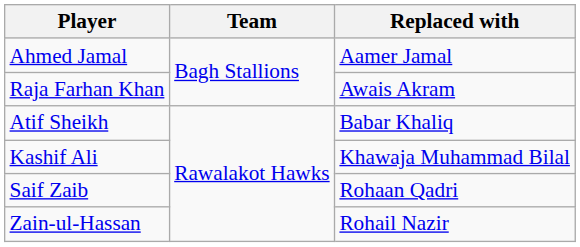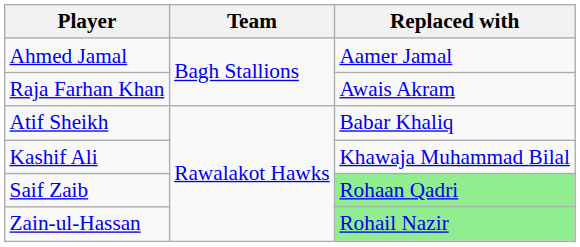 <table class="wikitable">
 <tr>
 <th>Player</th>
 <th>Team</th>
 <th>Replaced with</th>
 </tr>
 <tr>
 <td> <a href='#'>Ahmed Jamal</a></td>
 <td rowspan="2"><a href='#'>Bagh Stallions</a></td>
 <td> <a href='#'>Aamer Jamal</a></td>
 </tr>
 <tr>
 <td> <a href='#'>Raja Farhan Khan</a></td>
 <td> <a href='#'>Awais Akram</a></td>
 </tr>
 <tr>
 <td> <a href='#'>Atif Sheikh</a></td>
 <td rowspan="4"><a href='#'>Rawalakot Hawks</a></td>
 <td> <a href='#'>Babar Khaliq</a></td>
 </tr>
 <tr>
 <td> <a href='#'>Kashif Ali</a></td>
 <td> <a href='#'>Khawaja Muhammad Bilal</a></td>
 </tr>
 <tr>
 <td> <a href='#'>Saif Zaib</a></td>
-<td> <a href='#'>Rohaan Qadri</a></td>
+<td style="background: lightgreen;"> <a href='#'>Rohaan Qadri</a></td>
 </tr>
 <tr>
 <td> <a href='#'>Zain-ul-Hassan</a></td>
-<td> <a href='#'>Rohail Nazir</a></td>
+<td style="background: lightgreen;"> <a href='#'>Rohail Nazir</a></td>
 </tr>
 </table>
